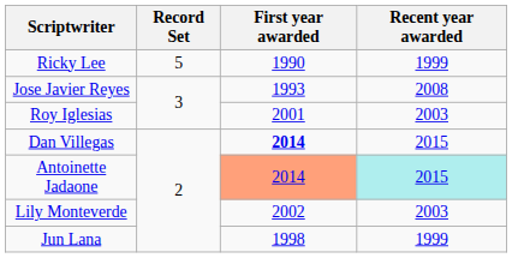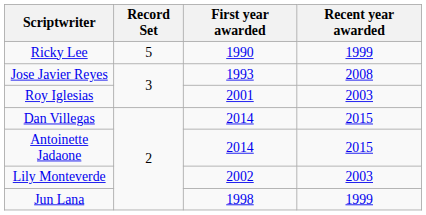 <table class="wikitable" width=55% style="text-align: center">
 <tr>
 <th>Scriptwriter</th>
 <th>Record Set</th>
 <th>First year awarded</th>
 <th>Recent year awarded</th>
 </tr>
 <tr>
 <td><a href='#'>Ricky Lee</a></td>
 <td>5</td>
 <td><a href='#'>1990</a></td>
 <td><a href='#'>1999</a></td>
 </tr>
 <tr>
 <td><a href='#'>Jose Javier Reyes</a></td>
 <td rowspan=2>3</td>
 <td><a href='#'>1993</a></td>
 <td><a href='#'>2008</a></td>
 </tr>
 <tr>
 <td><a href='#'>Roy Iglesias</a></td>
 <td><a href='#'>2001</a></td>
 <td><a href='#'>2003</a></td>
 </tr>
 <tr>
 <td><a href='#'>Dan Villegas</a></td>
 <td rowspan=4>2</td>
-<td><strong><a href='#'>2014</a></strong></td>
+<td><a href='#'>2014</a></td>
 <td><a href='#'>2015</a></td>
 </tr>
 <tr>
 <td><a href='#'>Antoinette Jadaone</a></td>
-<td style="background: lightsalmon;"><a href='#'>2014</a></td>
-<td style="background: paleturquoise;"><a href='#'>2015</a></td>
+<td><a href='#'>2014</a></td>
+<td><a href='#'>2015</a></td>
 </tr>
 <tr>
 <td><a href='#'>Lily Monteverde</a></td>
 <td><a href='#'>2002</a></td>
 <td><a href='#'>2003</a></td>
 </tr>
 <tr>
 <td><a href='#'>Jun Lana</a></td>
 <td><a href='#'>1998</a></td>
 <td><a href='#'>1999</a></td>
 </tr>
 </table>
